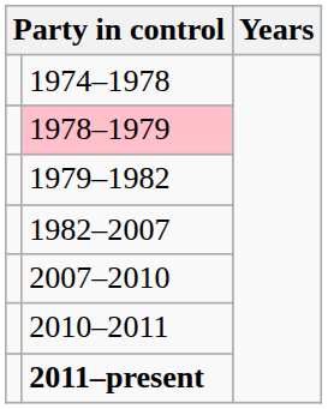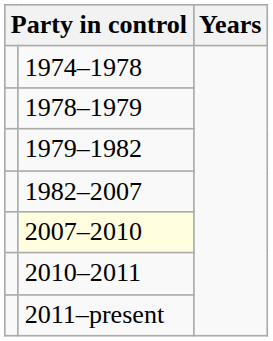 <table class="wikitable">
 <tr>
 <th colspan=2>Party in control</th>
 <th>Years</th>
 </tr>
 <tr>
 <td></td>
 <td>1974–1978</td>
 </tr>
 <tr>
 <td></td>
-<td style="background: pink;">1978–1979</td>
+<td>1978–1979</td>
 </tr>
 <tr>
 <td></td>
 <td>1979–1982</td>
 </tr>
 <tr>
 <td></td>
 <td>1982–2007</td>
 </tr>
 <tr>
 <td></td>
-<td>2007–2010</td>
+<td style="background: lightyellow;">2007–2010</td>
 </tr>
 <tr>
 <td></td>
 <td>2010–2011</td>
 </tr>
 <tr>
 <td></td>
-<td><strong>2011–present</strong></td>
+<td>2011–present</td>
 </tr>
 </table>
